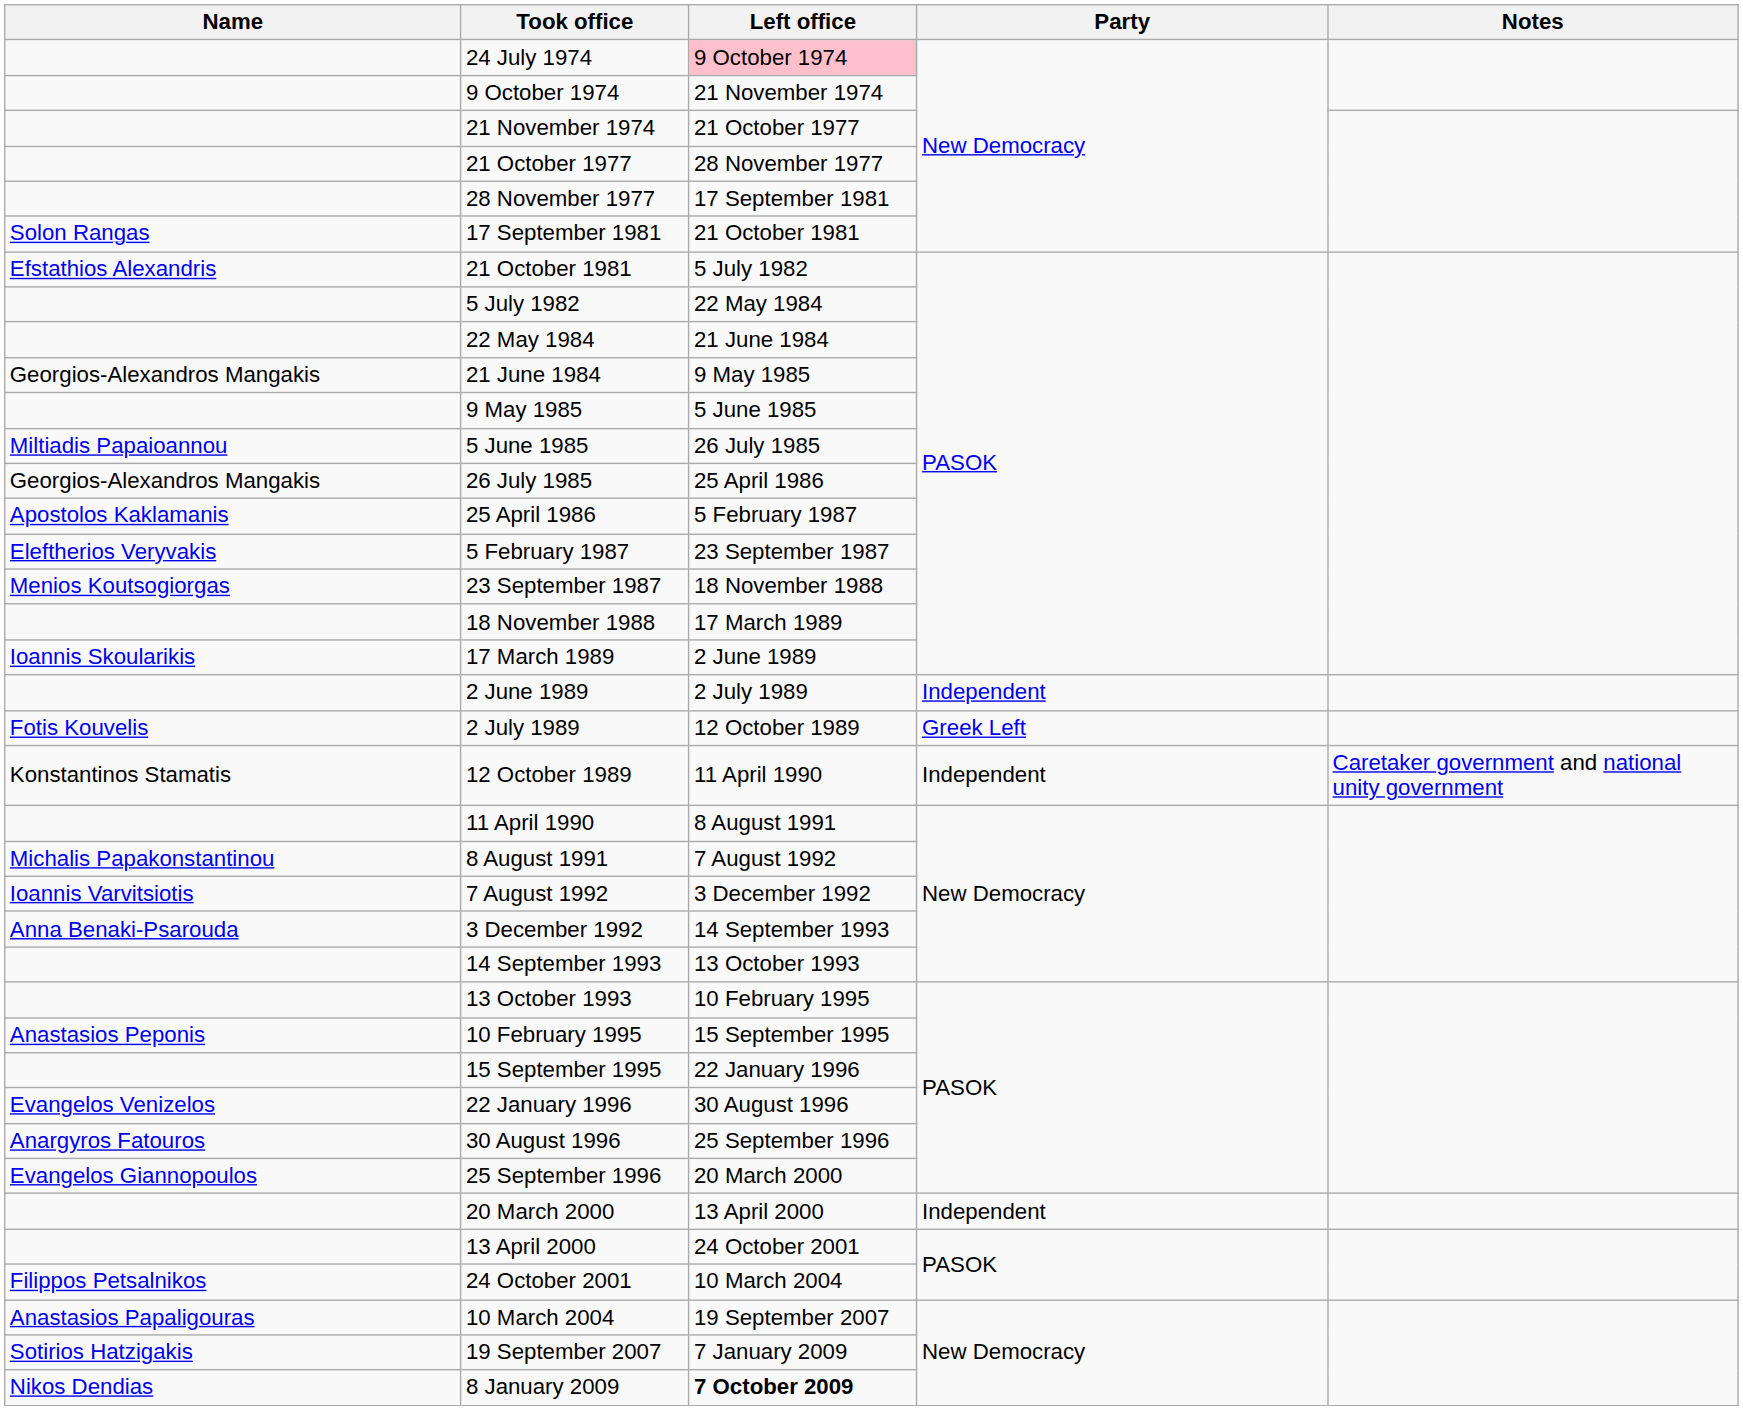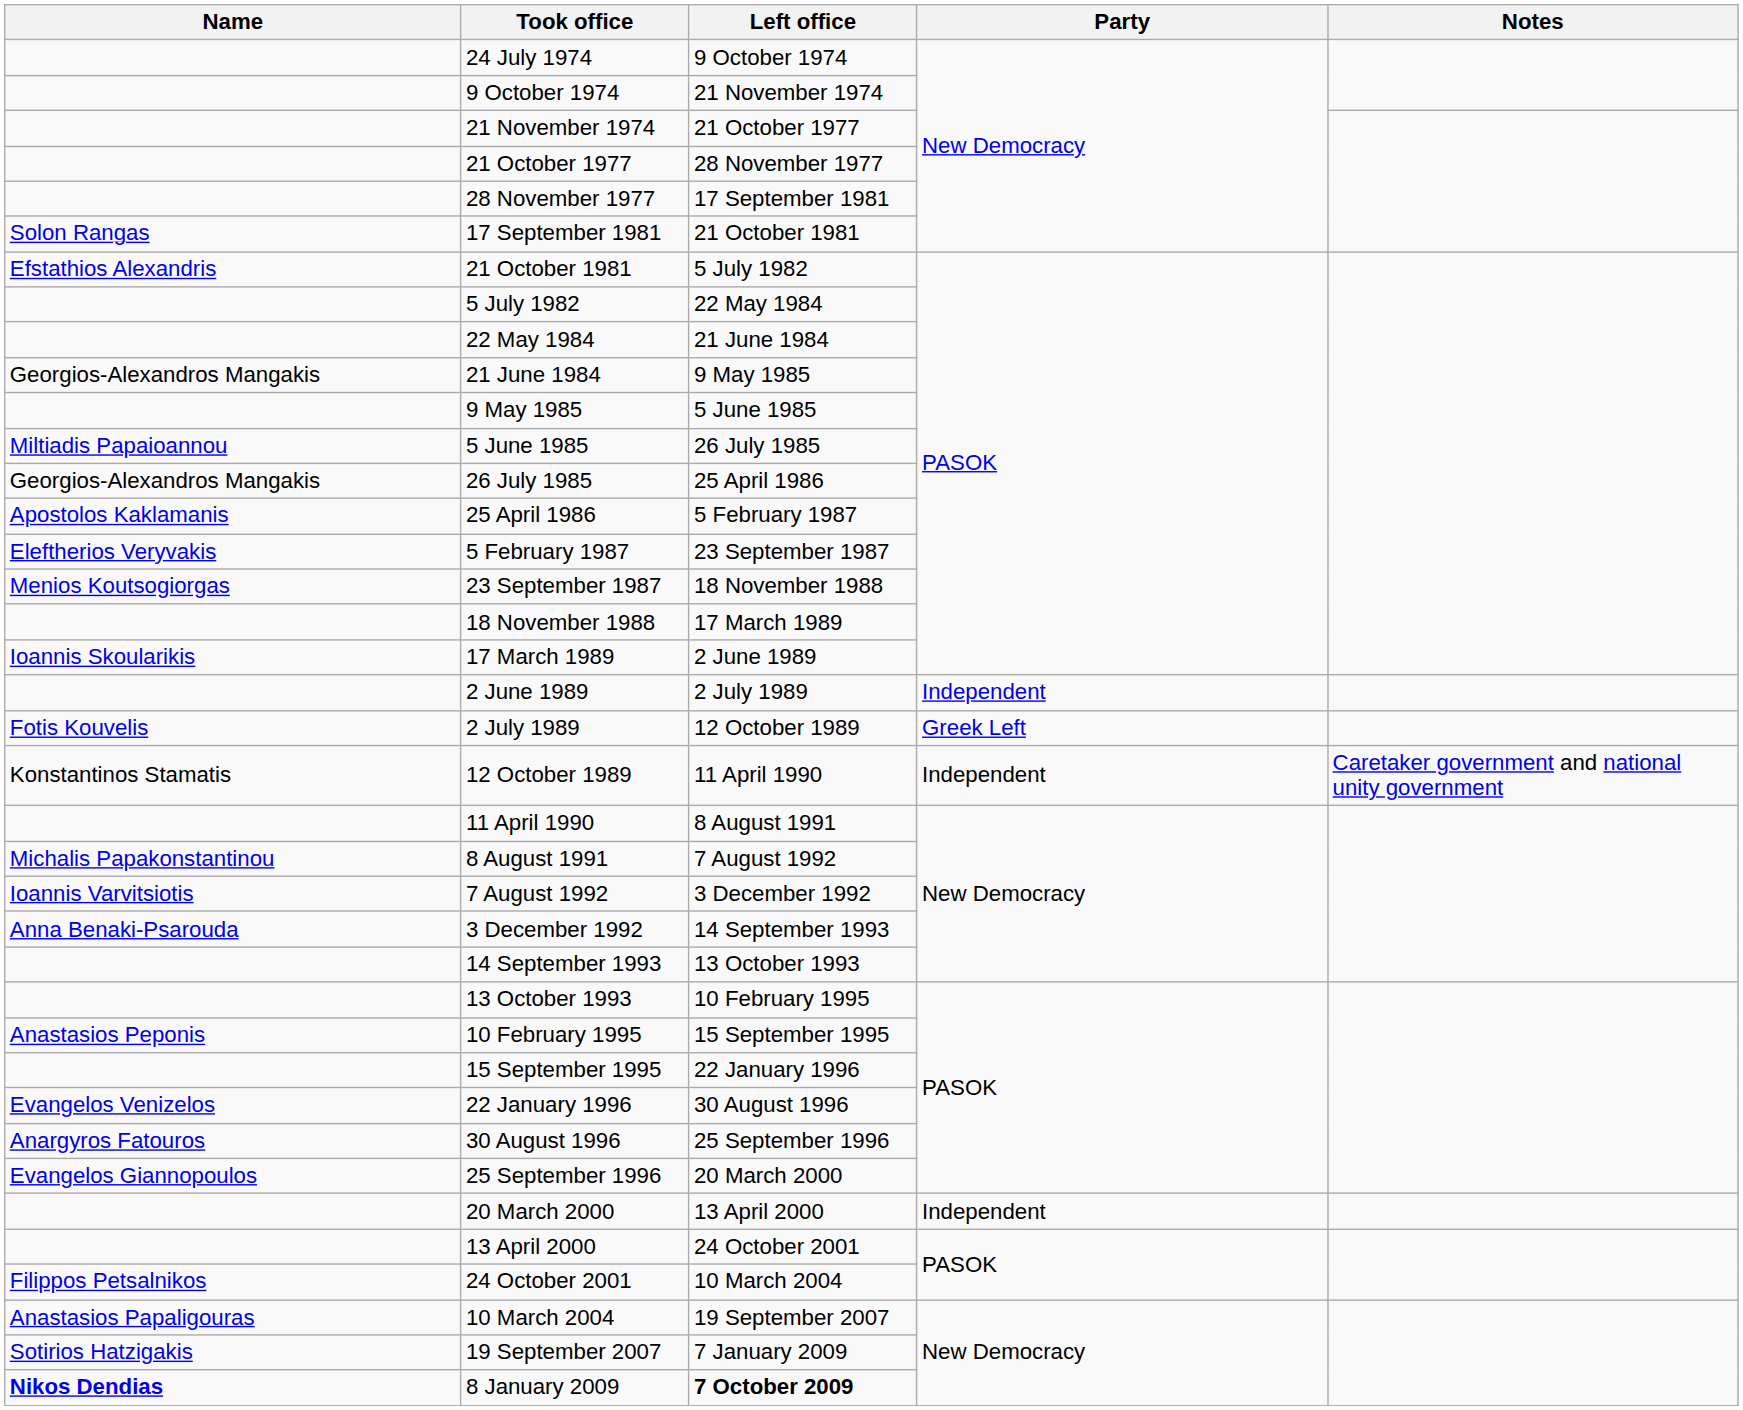 <table class="wikitable">
 <tr>
 <th width="20%">Name</th>
 <th width="10%">Took office</th>
 <th width="10%">Left office</th>
 <th width="18%">Party</th>
 <th width="18%">Notes</th>
 </tr>
 <tr>
 <td></td>
 <td>24 July 1974</td>
-<td style="background: pink;">9 October 1974</td>
+<td>9 October 1974</td>
 <td rowspan=6><a href='#'>New Democracy</a></td>
 <td rowspan=2></td>
 </tr>
 <tr>
 <td></td>
 <td>9 October 1974</td>
 <td>21 November 1974</td>
 </tr>
 <tr>
 <td></td>
 <td>21 November 1974</td>
 <td>21 October 1977</td>
 <td rowspan=4></td>
 </tr>
 <tr>
 <td></td>
 <td>21 October 1977</td>
 <td>28 November 1977</td>
 </tr>
 <tr>
 <td></td>
 <td>28 November 1977</td>
 <td>17 September 1981</td>
 </tr>
 <tr>
 <td><a href='#'>Solon Rangas</a></td>
 <td>17 September 1981</td>
 <td>21 October 1981</td>
 </tr>
 <tr>
 <td><a href='#'>Efstathios Alexandris</a></td>
 <td>21 October 1981</td>
 <td>5 July 1982</td>
 <td rowspan=12><a href='#'>PASOK</a></td>
 <td rowspan=12></td>
 </tr>
 <tr>
 <td></td>
 <td>5 July 1982</td>
 <td>22 May 1984</td>
 </tr>
 <tr>
 <td></td>
 <td>22 May 1984</td>
 <td>21 June 1984</td>
 </tr>
 <tr>
 <td>Georgios-Alexandros Mangakis</td>
 <td>21 June 1984</td>
 <td>9 May 1985</td>
 </tr>
 <tr>
 <td></td>
 <td>9 May 1985</td>
 <td>5 June 1985</td>
 </tr>
 <tr>
 <td><a href='#'>Miltiadis Papaioannou</a></td>
 <td>5 June 1985</td>
 <td>26 July 1985</td>
 </tr>
 <tr>
 <td>Georgios-Alexandros Mangakis</td>
 <td>26 July 1985</td>
 <td>25 April 1986</td>
 </tr>
 <tr>
 <td><a href='#'>Apostolos Kaklamanis</a></td>
 <td>25 April 1986</td>
 <td>5 February 1987</td>
 </tr>
 <tr>
 <td><a href='#'>Eleftherios Veryvakis</a></td>
 <td>5 February 1987</td>
 <td>23 September 1987</td>
 </tr>
 <tr>
 <td><a href='#'>Menios Koutsogiorgas</a></td>
 <td>23 September 1987</td>
 <td>18 November 1988</td>
 </tr>
 <tr>
 <td></td>
 <td>18 November 1988</td>
 <td>17 March 1989</td>
 </tr>
 <tr>
 <td><a href='#'>Ioannis Skoularikis</a></td>
 <td>17 March 1989</td>
 <td>2 June 1989</td>
 </tr>
 <tr>
 <td></td>
 <td>2 June 1989</td>
 <td>2 July 1989</td>
 <td><a href='#'>Independent</a></td>
 <td></td>
 </tr>
 <tr>
 <td><a href='#'>Fotis Kouvelis</a></td>
 <td>2 July 1989</td>
 <td>12 October 1989</td>
 <td><a href='#'>Greek Left</a></td>
 <td></td>
 </tr>
 <tr>
 <td>Konstantinos Stamatis</td>
 <td>12 October 1989</td>
 <td>11 April 1990</td>
 <td>Independent</td>
 <td><a href='#'>Caretaker government</a> and <a href='#'>national unity government</a></td>
 </tr>
 <tr>
 <td></td>
 <td>11 April 1990</td>
 <td>8 August 1991</td>
 <td rowspan=5>New Democracy</td>
 <td rowspan=5></td>
 </tr>
 <tr>
 <td><a href='#'>Michalis Papakonstantinou</a></td>
 <td>8 August 1991</td>
 <td>7 August 1992</td>
 </tr>
 <tr>
 <td><a href='#'>Ioannis Varvitsiotis</a></td>
 <td>7 August 1992</td>
 <td>3 December 1992</td>
 </tr>
 <tr>
 <td><a href='#'>Anna Benaki-Psarouda</a></td>
 <td>3 December 1992</td>
 <td>14 September 1993</td>
 </tr>
 <tr>
 <td></td>
 <td>14 September 1993</td>
 <td>13 October 1993</td>
 </tr>
 <tr>
 <td></td>
 <td>13 October 1993</td>
 <td>10 February 1995</td>
 <td rowspan=6>PASOK</td>
 <td rowspan=6></td>
 </tr>
 <tr>
 <td><a href='#'>Anastasios Peponis</a></td>
 <td>10 February 1995</td>
 <td>15 September 1995</td>
 </tr>
 <tr>
 <td></td>
 <td>15 September 1995</td>
 <td>22 January 1996</td>
 </tr>
 <tr>
 <td><a href='#'>Evangelos Venizelos</a></td>
 <td>22 January 1996</td>
 <td>30 August 1996</td>
 </tr>
 <tr>
 <td><a href='#'>Anargyros Fatouros</a></td>
 <td>30 August 1996</td>
 <td>25 September 1996</td>
 </tr>
 <tr>
 <td><a href='#'>Evangelos Giannopoulos</a></td>
 <td>25 September 1996</td>
 <td>20 March 2000</td>
 </tr>
 <tr>
 <td></td>
 <td>20 March 2000</td>
 <td>13 April 2000</td>
 <td>Independent</td>
 <td></td>
 </tr>
 <tr>
 <td></td>
 <td>13 April 2000</td>
 <td>24 October 2001</td>
 <td rowspan=2>PASOK</td>
 <td rowspan=2></td>
 </tr>
 <tr>
 <td><a href='#'>Filippos Petsalnikos</a></td>
 <td>24 October 2001</td>
 <td>10 March 2004</td>
 </tr>
 <tr>
 <td><a href='#'>Anastasios Papaligouras</a></td>
 <td>10 March 2004</td>
 <td>19 September 2007</td>
 <td rowspan=3>New Democracy</td>
 <td rowspan=3></td>
 </tr>
 <tr>
 <td><a href='#'>Sotirios Hatzigakis</a></td>
 <td>19 September 2007</td>
 <td>7 January 2009</td>
 </tr>
 <tr>
-<td><a href='#'>Nikos Dendias</a></td>
+<td><strong><a href='#'>Nikos Dendias</a></strong></td>
 <td>8 January 2009</td>
 <td><strong>7 October 2009</strong></td>
 </tr>
 <tr>
 </tr>
 </table>
